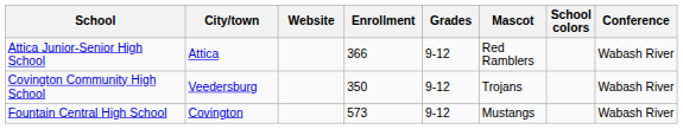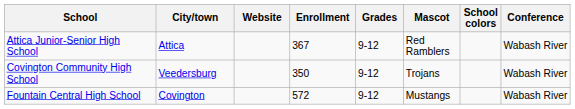 <table class="wikitable sortable" width="70%">
 <tr>
 <th width="20%">School</th>
 <th width="08%">City/town</th>
 <th width="06%">Website</th>
 <th width="04%">Enrollment</th>
 <th width="04%">Grades</th>
 <th width="04%">Mascot</th>
 <th width=01%>School colors</th>
 <th width="04%">Conference</th>
 </tr>
 <tr>
 <td><a href='#'>Attica Junior-Senior High School</a></td>
 <td><a href='#'>Attica</a></td>
 <td></td>
-<td>366</td>
+<td>367</td>
 <td>9-12</td>
 <td>Red Ramblers</td>
 <td> </td>
 <td>Wabash River</td>
 </tr>
 <tr>
 <td><a href='#'>Covington Community High School</a></td>
 <td><a href='#'>Veedersburg</a></td>
 <td></td>
 <td>350</td>
 <td>9-12</td>
 <td>Trojans</td>
 <td> </td>
 <td>Wabash River</td>
 </tr>
 <tr>
 <td><a href='#'>Fountain Central High School</a></td>
 <td><a href='#'>Covington</a></td>
 <td></td>
-<td>573</td>
+<td>572</td>
 <td>9-12</td>
 <td>Mustangs</td>
 <td> </td>
 <td>Wabash River</td>
 </tr>
 </table>
